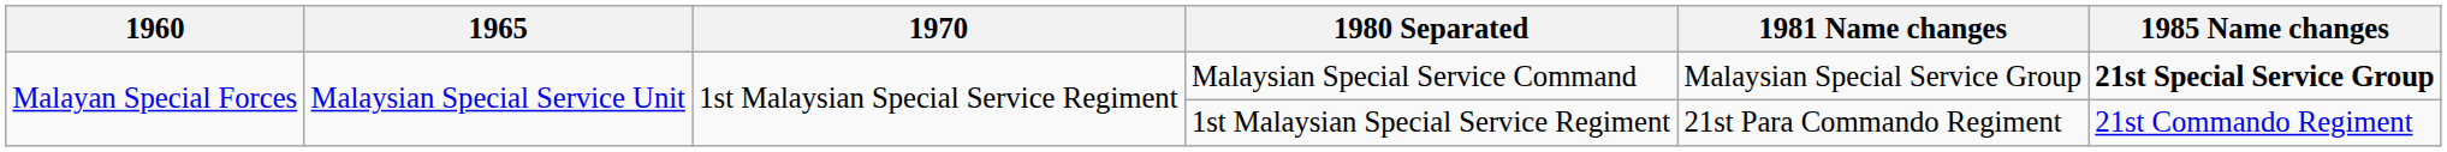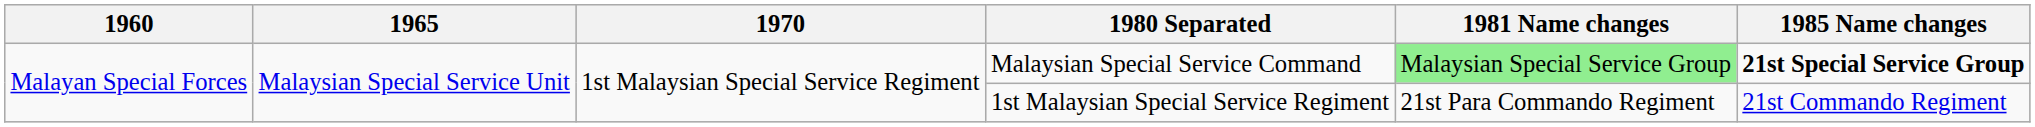 <table class="wikitable">
 <tr>
 <th>1960</th>
 <th>1965</th>
 <th>1970</th>
 <th>1980 Separated</th>
 <th>1981 Name changes</th>
 <th>1985 Name changes</th>
 </tr>
 <tr>
 <td rowspan="2"><a href='#'>Malayan Special Forces</a></td>
 <td rowspan="2"><a href='#'>Malaysian Special Service Unit</a></td>
 <td rowspan="2">1st Malaysian Special Service Regiment</td>
 <td>Malaysian Special Service Command</td>
-<td>Malaysian Special Service Group</td>
+<td style="background: lightgreen;">Malaysian Special Service Group</td>
 <td><strong>21st Special Service Group</strong></td>
 </tr>
 <tr>
 <td>1st Malaysian Special Service Regiment</td>
 <td>21st Para Commando Regiment</td>
 <td><a href='#'>21st Commando Regiment</a></td>
 </tr>
 </table>
